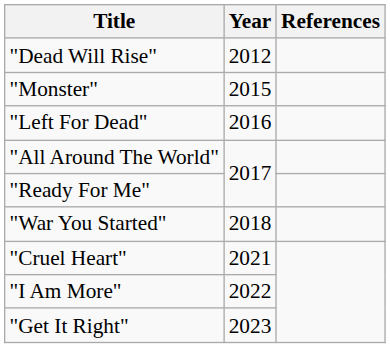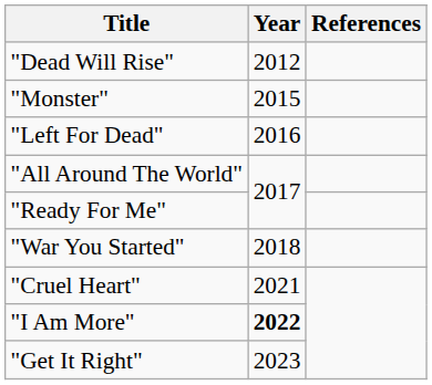 <table class="wikitable">
 <tr>
 <th>Title</th>
 <th>Year</th>
 <th>References</th>
 </tr>
 <tr>
 <td>"Dead Will Rise"</td>
 <td>2012</td>
 <td></td>
 </tr>
 <tr>
 <td>"Monster"</td>
 <td>2015</td>
 <td></td>
 </tr>
 <tr>
 <td>"Left For Dead"</td>
 <td>2016</td>
 <td></td>
 </tr>
 <tr>
 <td>"All Around The World"</td>
 <td rowspan="2">2017</td>
 <td></td>
 </tr>
 <tr>
 <td>"Ready For Me"</td>
 <td></td>
 </tr>
 <tr>
 <td>"War You Started"</td>
 <td>2018</td>
 <td></td>
 </tr>
 <tr>
 <td>"Cruel Heart"</td>
 <td>2021</td>
 </tr>
 <tr>
 <td>"I Am More"</td>
-<td>2022</td>
+<td><strong>2022</strong></td>
 </tr>
 <tr>
 <td>"Get It Right"</td>
 <td>2023</td>
 </tr>
 </table>
